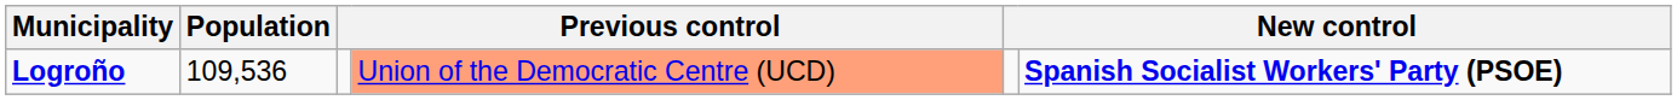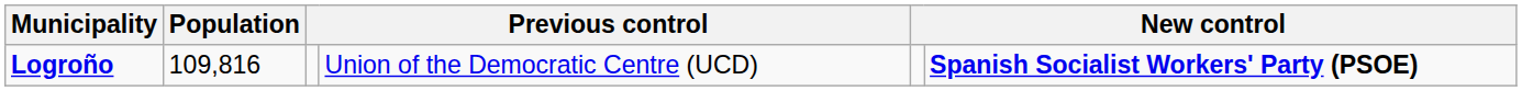 <table class="wikitable sortable">
 <tr>
 <th>Municipality</th>
 <th>Population</th>
 <th colspan="2" style="width:375px;">Previous control</th>
 <th colspan="2" style="width:375px;">New control</th>
 </tr>
 <tr>
 <td><strong><a href='#'>Logroño</a></strong></td>
-<td>109,536</td>
+<td>109,816</td>
 <td width="1" style="color:inherit;background:"></td>
-<td style="background: lightsalmon;"><a href='#'>Union of the Democratic Centre</a> (UCD)</td>
+<td><a href='#'>Union of the Democratic Centre</a> (UCD)</td>
 <td width="1" style="color:inherit;background:"></td>
 <td><strong><a href='#'>Spanish Socialist Workers' Party</a> (PSOE)</strong></td>
 </tr>
 </table>
